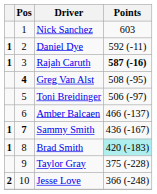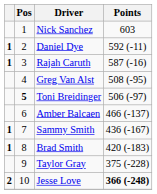 <table class="wikitable" style="font-size: 95%;">
 <tr>
 <th></th>
 <th>Pos</th>
 <th>Driver</th>
 <th>Points</th>
 </tr>
 <tr>
 <td align="left"></td>
 <td style="text-align:center;">1</td>
 <td><a href='#'>Nick Sanchez</a></td>
 <td style="text-align:center;">603</td>
 </tr>
 <tr>
 <td align="left"> <strong>1</strong></td>
 <td style="text-align:center;">2</td>
 <td><a href='#'>Daniel Dye</a></td>
 <td style="text-align:center;">592 (-11)</td>
 </tr>
 <tr>
 <td align="left"> <strong>1</strong></td>
 <td style="text-align:center;">3</td>
 <td><a href='#'>Rajah Caruth</a></td>
-<td style="text-align:center;"><strong>587 (-16)</strong></td>
+<td style="text-align:center;">587 (-16)</td>
 </tr>
 <tr>
 <td align="left"></td>
-<td style="text-align:center;"><strong>4</strong></td>
+<td style="text-align:center;">4</td>
 <td><a href='#'>Greg Van Alst</a></td>
 <td style="text-align:center;">508 (-95)</td>
 </tr>
 <tr>
 <td align="left"></td>
-<td style="text-align:center;">5</td>
+<td style="text-align:center;"><strong>5</strong></td>
 <td><a href='#'>Toni Breidinger</a></td>
 <td style="text-align:center;">506 (-97)</td>
 </tr>
 <tr>
 <td align="left"></td>
 <td style="text-align:center;">6</td>
 <td><a href='#'>Amber Balcaen</a></td>
 <td style="text-align:center;">466 (-137)</td>
 </tr>
 <tr>
 <td align="left"> <strong>1</strong></td>
-<td style="text-align:center;"><strong>7</strong></td>
+<td style="text-align:center;">7</td>
 <td><a href='#'>Sammy Smith</a></td>
 <td style="text-align:center;">436 (-167)</td>
 </tr>
 <tr>
 <td align="left"> <strong>1</strong></td>
 <td style="text-align:center;">8</td>
 <td><a href='#'>Brad Smith</a></td>
-<td style="background: paleturquoise; text-align:center;">420 (-183)</td>
+<td style="text-align:center;">420 (-183)</td>
 </tr>
 <tr>
 <td align="left"></td>
 <td style="text-align:center;">9</td>
 <td><a href='#'>Taylor Gray</a></td>
 <td style="text-align:center;">375 (-228)</td>
 </tr>
 <tr>
 <td align="left"> <strong>2</strong></td>
 <td style="text-align:center;">10</td>
 <td><a href='#'>Jesse Love</a></td>
-<td style="text-align:center;">366 (-248)</td>
+<td style="text-align:center;"><strong>366 (-248)</strong></td>
 </tr>
 <tr class="sortbottom">
 </tr>
 </table>
